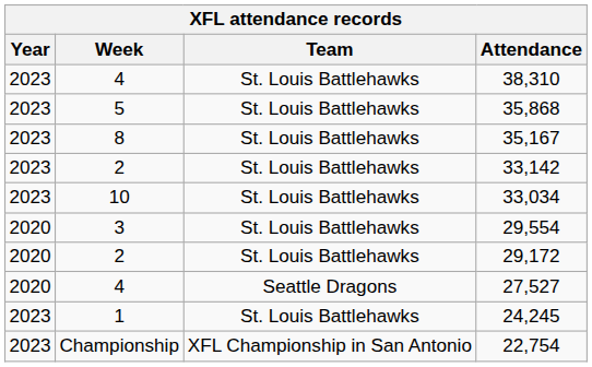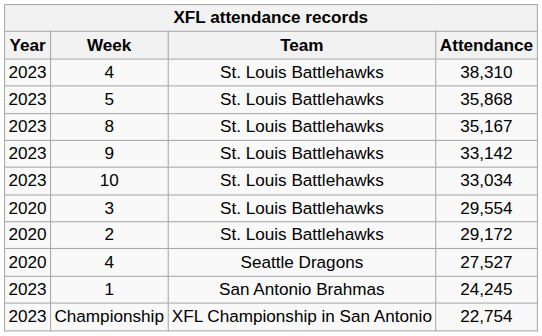 <table class="wikitable sortable" style="text-align:center;">
 <tr>
 <th colspan="4">XFL attendance records</th>
 </tr>
 <tr>
 <th colspan="1" *>Year</th>
 <th colspan="1" *>Week</th>
 <th colspan="1" *>Team</th>
 <th colspan="1" *>Attendance</th>
 </tr>
 <tr>
 <td>2023</td>
 <td>4</td>
 <td>St. Louis Battlehawks</td>
 <td>38,310</td>
 </tr>
 <tr>
 <td>2023</td>
 <td>5</td>
 <td>St. Louis Battlehawks</td>
 <td>35,868</td>
 </tr>
 <tr>
 <td>2023</td>
 <td>8</td>
 <td>St. Louis Battlehawks</td>
 <td>35,167</td>
 </tr>
 <tr>
 <td>2023</td>
-<td>2</td>
+<td>9</td>
 <td>St. Louis Battlehawks</td>
 <td>33,142</td>
 </tr>
 <tr>
 <td>2023</td>
 <td>10</td>
 <td>St. Louis Battlehawks</td>
 <td>33,034</td>
 </tr>
 <tr>
 <td>2020</td>
 <td>3</td>
 <td>St. Louis Battlehawks</td>
 <td>29,554</td>
 </tr>
 <tr>
 <td>2020</td>
 <td>2</td>
 <td>St. Louis Battlehawks</td>
 <td>29,172</td>
 </tr>
 <tr>
 <td>2020</td>
 <td>4</td>
 <td>Seattle Dragons</td>
 <td>27,527</td>
 </tr>
 <tr>
 <td>2023</td>
 <td>1</td>
-<td>St. Louis Battlehawks</td>
+<td>San Antonio Brahmas</td>
 <td>24,245</td>
 </tr>
 <tr>
 <td>2023</td>
 <td>Championship</td>
 <td>XFL Championship in San Antonio</td>
 <td>22,754</td>
 </tr>
 </table>
